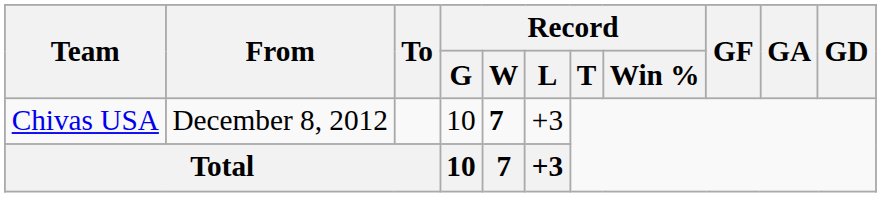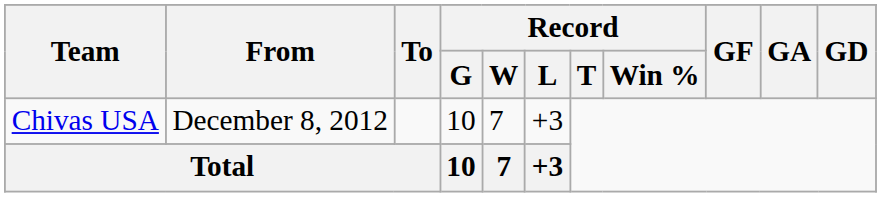 <table class="wikitable" style="text-align: center">
 <tr>
 <th rowspan="2">Team</th>
 <th rowspan="2">From</th>
 <th rowspan="2">To</th>
 <th colspan="5">Record</th>
 <th rowspan="2">GF</th>
 <th rowspan="2">GA</th>
 <th rowspan="2">GD</th>
 </tr>
 <tr>
 <th>G</th>
 <th>W</th>
 <th>L</th>
 <th>T</th>
 <th>Win %</th>
 </tr>
 <tr>
 <td align=left><a href='#'>Chivas USA</a></td>
 <td align=left>December 8, 2012</td>
 <td align=left><br></td>
 <td align=left>10</td>
-<td align=left><strong>7</strong></td>
+<td align=left>7</td>
 <td align=left>+3</td>
 </tr>
 <tr>
 <th colspan="3">Total<br></th>
 <th align=left>10</th>
 <th align=left>7</th>
 <th align=left>+3</th>
 </tr>
 </table>
